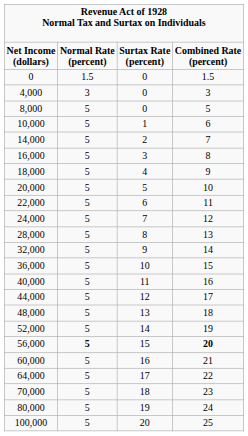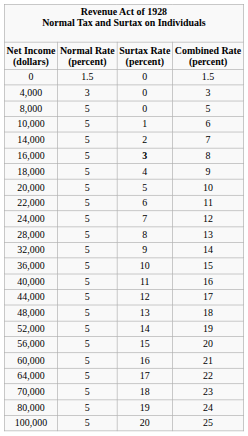 <table class="wikitable" style="text-align: center;">
 <tr>
 <td colspan="4"><strong>Revenue Act of 1928<br>Normal Tax and Surtax on Individuals</strong><br><br> </td>
 </tr>
 <tr>
 <td><strong>Net Income<br>(dollars)</strong></td>
 <td><strong>Normal Rate<br>(percent)</strong></td>
 <td><strong>Surtax Rate<br>(percent)</strong></td>
 <td><strong>Combined Rate<br>(percent)</strong></td>
 </tr>
 <tr>
 <td>0</td>
 <td>1.5</td>
 <td>0</td>
 <td>1.5</td>
 </tr>
 <tr>
 <td>4,000</td>
 <td>3</td>
 <td>0</td>
 <td>3</td>
 </tr>
 <tr>
 <td>8,000</td>
 <td>5</td>
 <td>0</td>
 <td>5</td>
 </tr>
 <tr>
 <td>10,000</td>
 <td>5</td>
 <td>1</td>
 <td>6</td>
 </tr>
 <tr>
 <td>14,000</td>
 <td>5</td>
 <td>2</td>
 <td>7</td>
 </tr>
 <tr>
 <td>16,000</td>
 <td>5</td>
-<td>3</td>
+<td><strong>3</strong></td>
 <td>8</td>
 </tr>
 <tr>
 <td>18,000</td>
 <td>5</td>
 <td>4</td>
 <td>9</td>
 </tr>
 <tr>
 <td>20,000</td>
 <td>5</td>
 <td>5</td>
 <td>10</td>
 </tr>
 <tr>
 <td>22,000</td>
 <td>5</td>
 <td>6</td>
 <td>11</td>
 </tr>
 <tr>
 <td>24,000</td>
 <td>5</td>
 <td>7</td>
 <td>12</td>
 </tr>
 <tr>
 <td>28,000</td>
 <td>5</td>
 <td>8</td>
 <td>13</td>
 </tr>
 <tr>
 <td>32,000</td>
 <td>5</td>
 <td>9</td>
 <td>14</td>
 </tr>
 <tr>
 <td>36,000</td>
 <td>5</td>
 <td>10</td>
 <td>15</td>
 </tr>
 <tr>
 <td>40,000</td>
 <td>5</td>
 <td>11</td>
 <td>16</td>
 </tr>
 <tr>
 <td>44,000</td>
 <td>5</td>
 <td>12</td>
 <td>17</td>
 </tr>
 <tr>
 <td>48,000</td>
 <td>5</td>
 <td>13</td>
 <td>18</td>
 </tr>
 <tr>
 <td>52,000</td>
 <td>5</td>
 <td>14</td>
 <td>19</td>
 </tr>
 <tr>
 <td>56,000</td>
-<td><strong>5</strong></td>
+<td>5</td>
 <td>15</td>
-<td><strong>20</strong></td>
+<td>20</td>
 </tr>
 <tr>
 <td>60,000</td>
 <td>5</td>
 <td>16</td>
 <td>21</td>
 </tr>
 <tr>
 <td>64,000</td>
 <td>5</td>
 <td>17</td>
 <td>22</td>
 </tr>
 <tr>
 <td>70,000</td>
 <td>5</td>
 <td>18</td>
 <td>23</td>
 </tr>
 <tr>
 <td>80,000</td>
 <td>5</td>
 <td>19</td>
 <td>24</td>
 </tr>
 <tr>
 <td>100,000</td>
 <td>5</td>
 <td>20</td>
 <td>25</td>
 </tr>
 </table>
